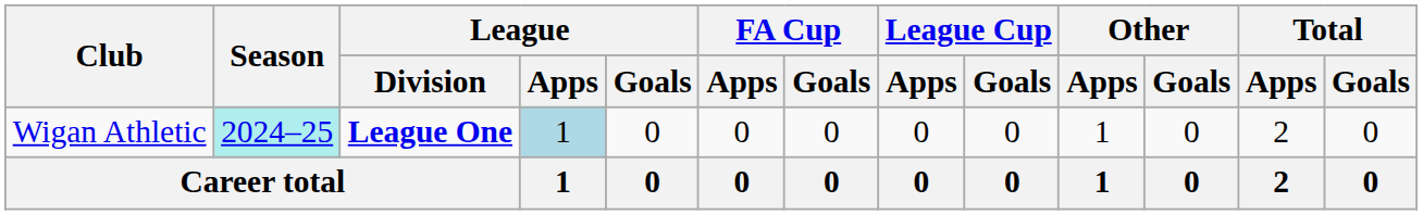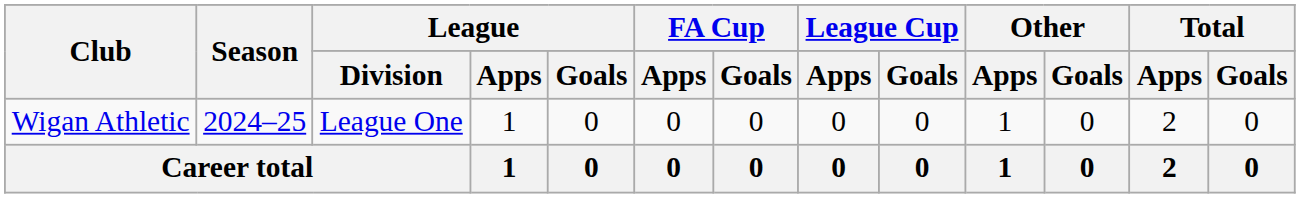 <table class="wikitable" style="text-align: center">
 <tr>
 <th rowspan="2">Club</th>
 <th rowspan="2">Season</th>
 <th colspan="3">League</th>
 <th colspan="2"><a href='#'>FA Cup</a></th>
 <th colspan="2"><a href='#'>League Cup</a></th>
 <th colspan="2">Other</th>
 <th colspan="2">Total</th>
 </tr>
 <tr>
 <th>Division</th>
 <th>Apps</th>
 <th>Goals</th>
 <th>Apps</th>
 <th>Goals</th>
 <th>Apps</th>
 <th>Goals</th>
 <th>Apps</th>
 <th>Goals</th>
 <th>Apps</th>
 <th>Goals</th>
 </tr>
 <tr>
 <td><a href='#'>Wigan Athletic</a></td>
-<td style="background: paleturquoise;"><a href='#'>2024–25</a></td>
-<td><strong><a href='#'>League One</a></strong></td>
-<td style="background: lightblue;">1</td>
+<td><a href='#'>2024–25</a></td>
+<td><a href='#'>League One</a></td>
+<td>1</td>
 <td>0</td>
 <td>0</td>
 <td>0</td>
 <td>0</td>
 <td>0</td>
 <td>1</td>
 <td>0</td>
 <td>2</td>
 <td>0</td>
 </tr>
 <tr>
 <th colspan="3">Career total</th>
 <th>1</th>
 <th>0</th>
 <th>0</th>
 <th>0</th>
 <th>0</th>
 <th>0</th>
 <th>1</th>
 <th>0</th>
 <th>2</th>
 <th>0</th>
 </tr>
 </table>
